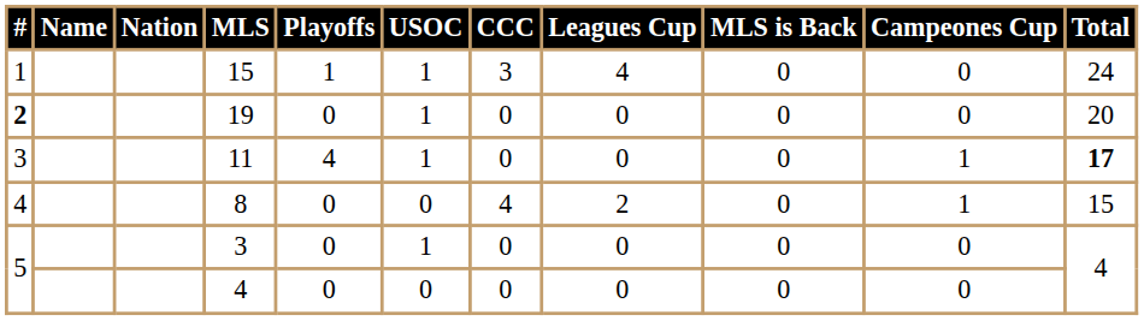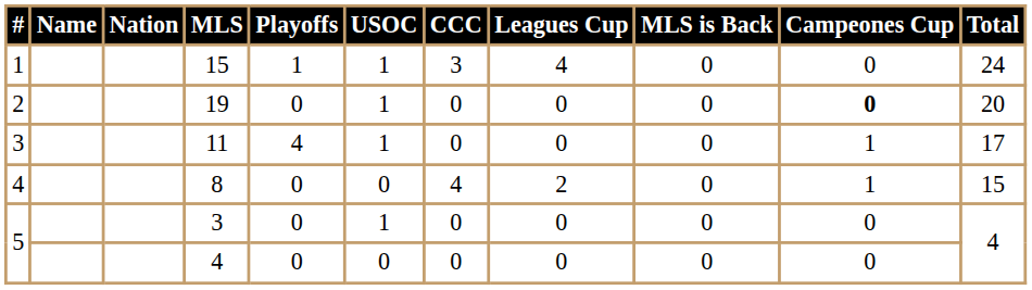 <table class="wikitable sortable" style="text-align:center;">
 <tr>
 <th style="background:#000; color:#FFF; border:2px solid #C39E6D;;" scope="col">#</th>
 <th style="background:#000; color:#FFF; border:2px solid #C39E6D;;" scope="col">Name</th>
 <th style="background:#000; color:#FFF; border:2px solid #C39E6D;;" scope="col">Nation</th>
 <th style="background:#000; color:#FFF; border:2px solid #C39E6D;;" scope="col">MLS</th>
 <th style="background:#000; color:#FFF; border:2px solid #C39E6D;;" scope="col">Playoffs</th>
 <th style="background:#000; color:#FFF; border:2px solid #C39E6D;;" scope="col">USOC</th>
 <th style="background:#000; color:#FFF; border:2px solid #C39E6D;;" scope="col">CCC</th>
 <th style="background:#000; color:#FFF; border:2px solid #C39E6D;;" scope="col">Leagues Cup</th>
 <th style="background:#000; color:#FFF; border:2px solid #C39E6D;;" scope="col">MLS is Back</th>
 <th style="background:#000; color:#FFF; border:2px solid #C39E6D;;" scope="col">Campeones Cup</th>
 <th style="background:#000; color:#FFF; border:2px solid #C39E6D;;" scope="col">Total</th>
 </tr>
 <tr>
 <td ! style="background:#FFFFFF; color:#000; border:2px solid #C39E6D;" scope="col">1</td>
 <td ! style="background:#FFFFFF; color:#000; border:2px solid #C39E6D;" scope="col" align="left"></td>
 <td ! style="background:#FFFFFF; color:#000; border:2px solid #C39E6D;" scope="col" align="left"></td>
 <td ! style="background:#FFFFFF; color:#000; border:2px solid #C39E6D;" scope="col">15</td>
 <td ! style="background:#FFFFFF; color:#000; border:2px solid #C39E6D;" scope="col">1</td>
 <td ! style="background:#FFFFFF; color:#000; border:2px solid #C39E6D;" scope="col">1</td>
 <td ! style="background:#FFFFFF; color:#000; border:2px solid #C39E6D;" scope="col">3</td>
 <td ! style="background:#FFFFFF; color:#000; border:2px solid #C39E6D;" scope="col">4</td>
 <td ! style="background:#FFFFFF; color:#000; border:2px solid #C39E6D;" scope="col">0</td>
 <td ! style="background:#FFFFFF; color:#000; border:2px solid #C39E6D;" scope="col">0</td>
 <td ! style="background:#FFFFFF; color:#000; border:2px solid #C39E6D;" scope="col">24</td>
 </tr>
 <tr>
-<td ! style="background:#FFFFFF; color:#000; border:2px solid #C39E6D;" scope="col"><strong>2</strong></td>
+<td ! style="background:#FFFFFF; color:#000; border:2px solid #C39E6D;" scope="col">2</td>
 <td ! style="background:#FFFFFF; color:#000; border:2px solid #C39E6D;" scope="col" align="left"></td>
 <td ! style="background:#FFFFFF; color:#000; border:2px solid #C39E6D;" scope="col" align="left"></td>
 <td ! style="background:#FFFFFF; color:#000; border:2px solid #C39E6D;" scope="col">19</td>
 <td ! style="background:#FFFFFF; color:#000; border:2px solid #C39E6D;" scope="col">0</td>
 <td ! style="background:#FFFFFF; color:#000; border:2px solid #C39E6D;" scope="col">1</td>
 <td ! style="background:#FFFFFF; color:#000; border:2px solid #C39E6D;" scope="col">0</td>
 <td ! style="background:#FFFFFF; color:#000; border:2px solid #C39E6D;" scope="col">0</td>
 <td ! style="background:#FFFFFF; color:#000; border:2px solid #C39E6D;" scope="col">0</td>
-<td ! style="background:#FFFFFF; color:#000; border:2px solid #C39E6D;" scope="col">0</td>
+<td ! style="background:#FFFFFF; color:#000; border:2px solid #C39E6D;" scope="col"><strong>0</strong></td>
 <td ! style="background:#FFFFFF; color:#000; border:2px solid #C39E6D;" scope="col">20</td>
 </tr>
 <tr>
 <td ! style="background:#FFFFFF; color:#000; border:2px solid #C39E6D;" scope="col">3</td>
 <td ! style="background:#FFFFFF; color:#000; border:2px solid #C39E6D;" scope="col" align="left"></td>
 <td ! style="background:#FFFFFF; color:#000; border:2px solid #C39E6D;" scope="col" align="left"></td>
 <td ! style="background:#FFFFFF; color:#000; border:2px solid #C39E6D;" scope="col">11</td>
 <td ! style="background:#FFFFFF; color:#000; border:2px solid #C39E6D;" scope="col">4</td>
 <td ! style="background:#FFFFFF; color:#000; border:2px solid #C39E6D;" scope="col">1</td>
 <td ! style="background:#FFFFFF; color:#000; border:2px solid #C39E6D;" scope="col">0</td>
 <td ! style="background:#FFFFFF; color:#000; border:2px solid #C39E6D;" scope="col">0</td>
 <td ! style="background:#FFFFFF; color:#000; border:2px solid #C39E6D;" scope="col">0</td>
 <td ! style="background:#FFFFFF; color:#000; border:2px solid #C39E6D;" scope="col">1</td>
-<td ! style="background:#FFFFFF; color:#000; border:2px solid #C39E6D;" scope="col"><strong>17</strong></td>
+<td ! style="background:#FFFFFF; color:#000; border:2px solid #C39E6D;" scope="col">17</td>
 </tr>
 <tr>
 <td ! style="background:#FFFFFF; color:#000; border:2px solid #C39E6D;" scope="col">4</td>
 <td ! style="background:#FFFFFF; color:#000; border:2px solid #C39E6D;" scope="col" align="left"></td>
 <td ! style="background:#FFFFFF; color:#000; border:2px solid #C39E6D;" scope="col" align="left"></td>
 <td ! style="background:#FFFFFF; color:#000; border:2px solid #C39E6D;" scope="col">8</td>
 <td ! style="background:#FFFFFF; color:#000; border:2px solid #C39E6D;" scope="col">0</td>
 <td ! style="background:#FFFFFF; color:#000; border:2px solid #C39E6D;" scope="col">0</td>
 <td ! style="background:#FFFFFF; color:#000; border:2px solid #C39E6D;" scope="col">4</td>
 <td ! style="background:#FFFFFF; color:#000; border:2px solid #C39E6D;" scope="col">2</td>
 <td ! style="background:#FFFFFF; color:#000; border:2px solid #C39E6D;" scope="col">0</td>
 <td ! style="background:#FFFFFF; color:#000; border:2px solid #C39E6D;" scope="col">1</td>
 <td ! style="background:#FFFFFF; color:#000; border:2px solid #C39E6D;" scope="col">15</td>
 </tr>
 <tr>
 <td rowspan="2" ! style="background:#FFFFFF; color:#000; border:2px solid #C39E6D;" scope="col">5</td>
 <td ! style="background:#FFFFFF; color:#000; border:2px solid #C39E6D;" scope="col" align="left"></td>
 <td ! style="background:#FFFFFF; color:#000; border:2px solid #C39E6D;" scope="col" align="left"></td>
 <td ! style="background:#FFFFFF; color:#000; border:2px solid #C39E6D;" scope="col">3</td>
 <td ! style="background:#FFFFFF; color:#000; border:2px solid #C39E6D;" scope="col">0</td>
 <td ! style="background:#FFFFFF; color:#000; border:2px solid #C39E6D;" scope="col">1</td>
 <td ! style="background:#FFFFFF; color:#000; border:2px solid #C39E6D;" scope="col">0</td>
 <td ! style="background:#FFFFFF; color:#000; border:2px solid #C39E6D;" scope="col">0</td>
 <td ! style="background:#FFFFFF; color:#000; border:2px solid #C39E6D;" scope="col">0</td>
 <td ! style="background:#FFFFFF; color:#000; border:2px solid #C39E6D;" scope="col">0</td>
 <td rowspan="2"! style="background:#FFFFFF; color:#000; border:2px solid #C39E6D;" scope="col">4</td>
 </tr>
 <tr>
 <td ! style="background:#FFFFFF; color:#000; border:2px solid #C39E6D;" scope="col" align="left"></td>
 <td ! style="background:#FFFFFF; color:#000; border:2px solid #C39E6D;" scope="col" align="left"></td>
 <td ! style="background:#FFFFFF; color:#000; border:2px solid #C39E6D;" scope="col">4</td>
 <td ! style="background:#FFFFFF; color:#000; border:2px solid #C39E6D;" scope="col">0</td>
 <td ! style="background:#FFFFFF; color:#000; border:2px solid #C39E6D;" scope="col">0</td>
 <td ! style="background:#FFFFFF; color:#000; border:2px solid #C39E6D;" scope="col">0</td>
 <td ! style="background:#FFFFFF; color:#000; border:2px solid #C39E6D;" scope="col">0</td>
 <td ! style="background:#FFFFFF; color:#000; border:2px solid #C39E6D;" scope="col">0</td>
 <td ! style="background:#FFFFFF; color:#000; border:2px solid #C39E6D;" scope="col">0</td>
 </tr>
 </table>
